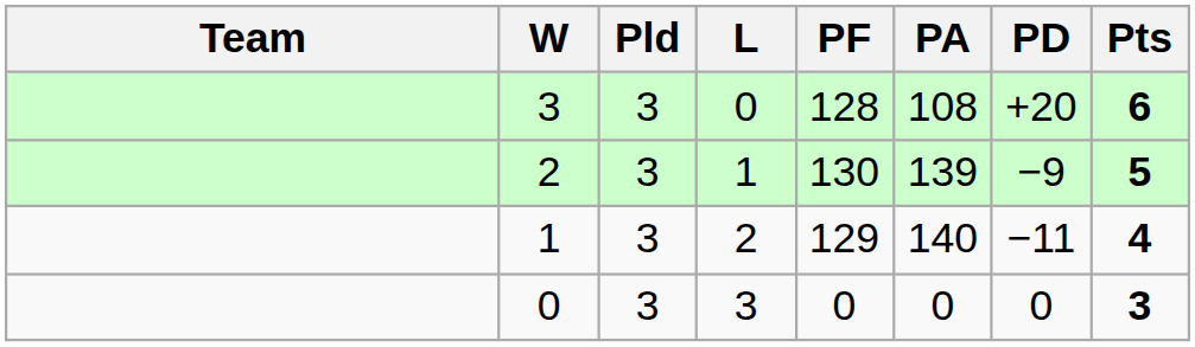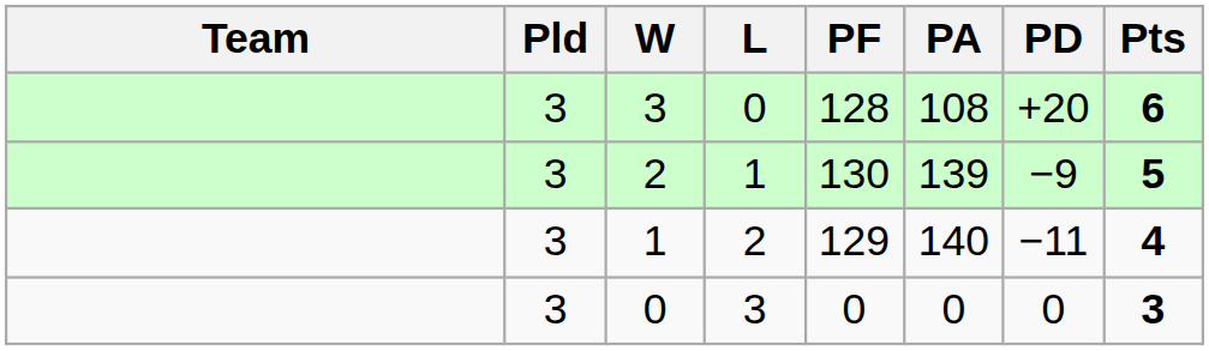 <table class=wikitable style="text-align:center">
 <tr>
 <th width=180>Team</th>
+<th width=30>Pld</th>
 <th width=30>W</th>
-<th width=30>Pld</th>
 <th width=30>L</th>
 <th width=30>PF</th>
 <th width=30>PA</th>
 <th width=30>PD</th>
 <th width=30>Pts</th>
 </tr>
 <tr align=center bgcolor="#ccffcc">
 <td align=left></td>
 <td>3</td>
 <td>3</td>
 <td>0</td>
 <td>128</td>
 <td>108</td>
 <td>+20</td>
 <td><strong>6</strong></td>
 </tr>
 <tr align=center bgcolor="#ccffcc">
 <td align=left></td>
+<td>3</td>
 <td>2</td>
-<td>3</td>
 <td>1</td>
 <td>130</td>
 <td>139</td>
 <td>−9</td>
 <td><strong>5</strong></td>
 </tr>
 <tr align=center>
 <td align=left></td>
+<td>3</td>
 <td>1</td>
-<td>3</td>
 <td>2</td>
 <td>129</td>
 <td>140</td>
 <td>−11</td>
 <td><strong>4</strong></td>
 </tr>
 <tr align=center>
 <td align=left></td>
+<td>3</td>
 <td>0</td>
-<td>3</td>
 <td>3</td>
 <td>0</td>
 <td>0</td>
 <td>0</td>
 <td><strong>3</strong></td>
 </tr>
 </table>
